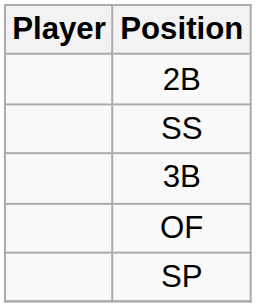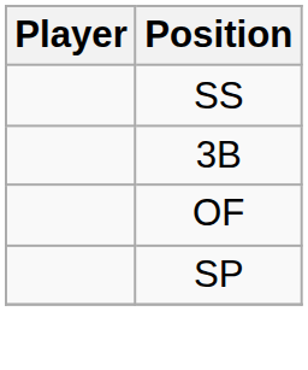 <table class="wikitable sortable sortable" style="text-align: center">
 <tr align=center>
 <th>Player</th>
 <th>Position</th>
-</tr>
-<tr>
-<td></td>
-<td>2B</td>
 </tr>
 <tr>
 <td></td>
 <td>SS</td>
 </tr>
 <tr>
 <td></td>
 <td>3B</td>
 </tr>
 <tr>
 <td></td>
 <td>OF</td>
 </tr>
 <tr>
 <td></td>
 <td>SP</td>
 </tr>
 <tr>
 </tr>
 </table>
